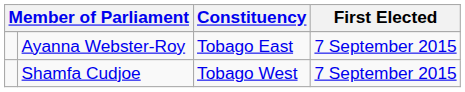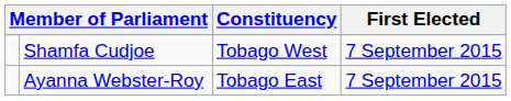 <table class="wikitable sortable mw-collapsible">
 <tr>
 <th colspan="2"><a href='#'>Member of Parliament</a></th>
 <th><a href='#'>Constituency</a></th>
 <th>First Elected</th>
 </tr>
 <tr>
 </tr>
 <tr>
 </tr>
 <tr>
 <td style="background:"> </td>
+<td><a href='#'>Shamfa Cudjoe</a></td>
+<td><a href='#'>Tobago West</a></td>
+<td><a href='#'>7 September 2015</a></td>
+</tr>
+<tr>
+<td style="background:"> </td>
 <td><a href='#'>Ayanna Webster-Roy</a></td>
 <td><a href='#'>Tobago East</a></td>
 <td><a href='#'>7 September 2015</a></td>
 </tr>
-<tr>
-<td style="background:"> </td>
-<td><a href='#'>Shamfa Cudjoe</a></td>
-<td><a href='#'>Tobago West</a></td>
-<td><a href='#'>7 September 2015</a></td>
-</tr>
 </table>
